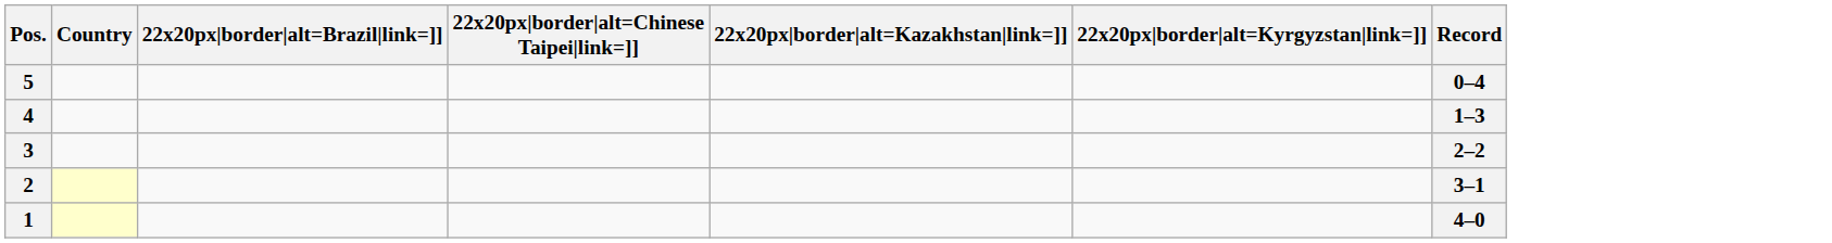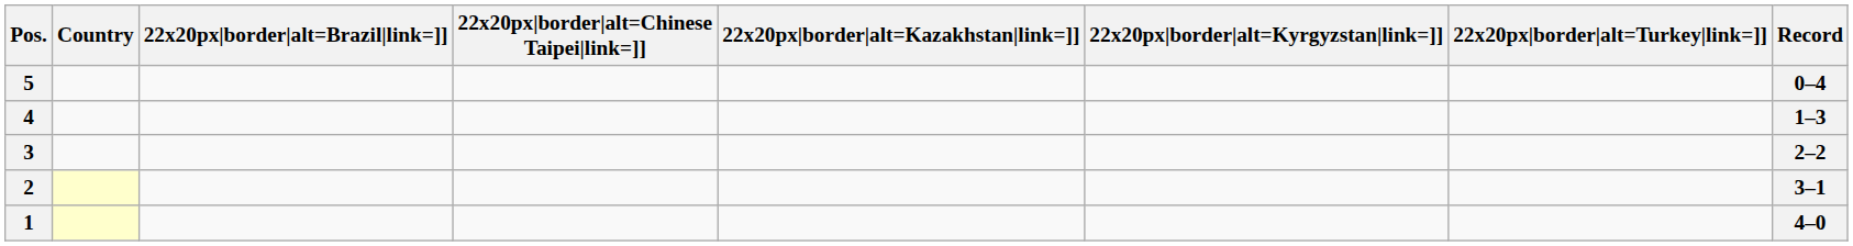 <table class="wikitable sortable nowrap" style="text-align:center; font-size:0.9em">
 <tr>
 <th>Pos.</th>
 <th>Country</th>
 <th [[Image:>22x20px|border|alt=Brazil|link=]]</th>
 <th [[Image:>22x20px|border|alt=Chinese Taipei|link=]]</th>
 <th [[Image:>22x20px|border|alt=Kazakhstan|link=]]</th>
 <th [[Image:>22x20px|border|alt=Kyrgyzstan|link=]]</th>
+<th [[Image:>22x20px|border|alt=Turkey|link=]]</th>
 <th>Record</th>
 </tr>
 <tr>
 <th>5</th>
 <td style="text-align:left;"></td>
+<td> </td>
 <td> </td>
 <td> </td>
 <td> </td>
 <td> </td>
 <th>0–4</th>
 </tr>
 <tr>
 <th>4</th>
 <td style="text-align:left;"></td>
 <td> </td>
 <td> </td>
 <td> </td>
 <td> </td>
+<td> </td>
 <th>1–3</th>
 </tr>
 <tr>
 <th>3</th>
 <td style="text-align:left;"></td>
+<td> </td>
 <td> </td>
 <td> </td>
 <td> </td>
 <td> </td>
 <th>2–2</th>
 </tr>
 <tr>
 <th>2</th>
 <td style="text-align:left; background:#ffffcc;"></td>
 <td> </td>
 <td> </td>
 <td> </td>
 <td> </td>
+<td> </td>
 <th>3–1</th>
 </tr>
 <tr>
 <th>1</th>
 <td style="text-align:left; background:#ffffcc;"></td>
 <td> </td>
 <td> </td>
 <td> </td>
 <td> </td>
+<td> </td>
 <th>4–0</th>
 </tr>
 </table>
